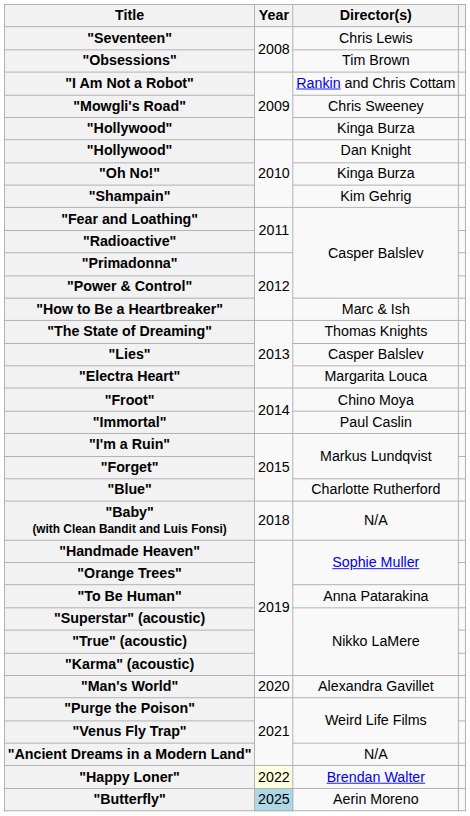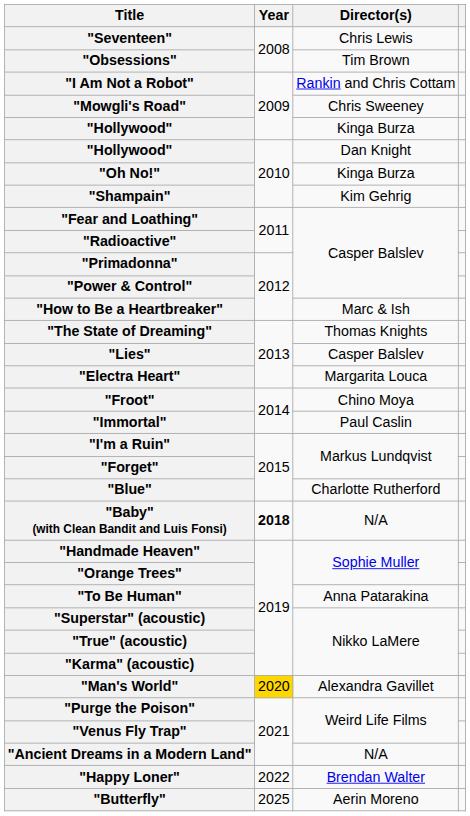 <table class="wikitable plainrowheaders" style="text-align:center;">
 <tr>
 <th scope="col">Title</th>
 <th scope="col">Year</th>
 <th scope="col">Director(s)</th>
 <th scope="col"></th>
 </tr>
 <tr>
 <th scope="row">"Seventeen"</th>
 <td rowspan="2">2008</td>
 <td>Chris Lewis</td>
 <td></td>
 </tr>
 <tr>
 <th scope="row">"Obsessions"</th>
 <td>Tim Brown</td>
 <td></td>
 </tr>
 <tr>
 <th scope="row">"I Am Not a Robot"</th>
 <td rowspan="3">2009</td>
 <td><a href='#'>Rankin</a> and Chris Cottam</td>
 <td></td>
 </tr>
 <tr>
 <th scope="row">"Mowgli's Road"</th>
 <td>Chris Sweeney</td>
 <td></td>
 </tr>
 <tr>
 <th scope="row">"Hollywood"</th>
 <td>Kinga Burza</td>
 <td></td>
 </tr>
 <tr>
 <th scope="row">"Hollywood" </th>
 <td rowspan="3">2010</td>
 <td>Dan Knight</td>
 <td></td>
 </tr>
 <tr>
 <th scope="row">"Oh No!"</th>
 <td>Kinga Burza</td>
 <td></td>
 </tr>
 <tr>
 <th scope="row">"Shampain"</th>
 <td>Kim Gehrig</td>
 <td></td>
 </tr>
 <tr>
 <th scope="row">"Fear and Loathing"</th>
 <td rowspan="2">2011</td>
 <td rowspan="4">Casper Balslev</td>
 <td></td>
 </tr>
 <tr>
 <th scope="row">"Radioactive"</th>
 <td></td>
 </tr>
 <tr>
 <th scope="row">"Primadonna"</th>
 <td rowspan="3">2012</td>
 <td></td>
 </tr>
 <tr>
 <th scope="row">"Power & Control"</th>
 <td></td>
 </tr>
 <tr>
 <th scope="row">"How to Be a Heartbreaker"</th>
 <td>Marc & Ish</td>
 <td></td>
 </tr>
 <tr>
 <th scope="row">"The State of Dreaming"</th>
 <td rowspan="3">2013</td>
 <td>Thomas Knights</td>
 <td></td>
 </tr>
 <tr>
 <th scope="row">"Lies"</th>
 <td>Casper Balslev</td>
 <td></td>
 </tr>
 <tr>
 <th scope="row">"Electra Heart"</th>
 <td>Margarita Louca</td>
 <td></td>
 </tr>
 <tr>
 <th scope="row">"Froot"</th>
 <td rowspan="2">2014</td>
 <td>Chino Moya</td>
 <td></td>
 </tr>
 <tr>
 <th scope="row">"Immortal"</th>
 <td>Paul Caslin</td>
 <td></td>
 </tr>
 <tr>
 <th scope="row">"I'm a Ruin"</th>
 <td rowspan="3">2015</td>
 <td rowspan="2">Markus Lundqvist</td>
 <td></td>
 </tr>
 <tr>
 <th scope="row">"Forget"</th>
 <td></td>
 </tr>
 <tr>
 <th scope="row">"Blue"</th>
 <td>Charlotte Rutherford</td>
 <td></td>
 </tr>
 <tr>
 <th scope="row">"Baby"<br><small>(with Clean Bandit and Luis Fonsi)</small></th>
-<td>2018</td>
+<td><strong>2018</strong></td>
 <td>N/A</td>
 <td></td>
 </tr>
 <tr>
 <th scope="row">"Handmade Heaven"</th>
 <td rowspan="6">2019</td>
 <td rowspan="2"><a href='#'>Sophie Muller</a></td>
 <td></td>
 </tr>
 <tr>
 <th scope="row">"Orange Trees"</th>
 <td></td>
 </tr>
 <tr>
 <th scope="row">"To Be Human"</th>
 <td>Anna Patarakina</td>
 <td></td>
 </tr>
 <tr>
 <th scope="row">"Superstar" (acoustic)</th>
 <td rowspan="3">Nikko LaMere</td>
 <td></td>
 </tr>
 <tr>
 <th scope="row">"True" (acoustic)</th>
 <td></td>
 </tr>
 <tr>
 <th scope="row">"Karma" (acoustic)</th>
 <td></td>
 </tr>
 <tr>
 <th scope="row">"Man's World"</th>
-<td>2020</td>
+<td style="background: gold;">2020</td>
 <td>Alexandra Gavillet</td>
 <td></td>
 </tr>
 <tr>
 <th scope="row">"Purge the Poison"</th>
 <td rowspan="3">2021</td>
 <td rowspan="2">Weird Life Films</td>
 <td></td>
 </tr>
 <tr>
 <th scope="row">"Venus Fly Trap"</th>
 <td></td>
 </tr>
 <tr>
 <th scope="row">"Ancient Dreams in a Modern Land"</th>
 <td>N/A</td>
 <td></td>
 </tr>
 <tr>
 <th scope="row">"Happy Loner"</th>
-<td style="background: lightyellow;">2022</td>
+<td>2022</td>
 <td><a href='#'>Brendan Walter</a></td>
 <td></td>
 </tr>
 <tr>
 <th scope="row">"Butterfly"</th>
-<td style="background: lightblue;">2025</td>
+<td>2025</td>
 <td>Aerin Moreno</td>
 <td></td>
 </tr>
 </table>
